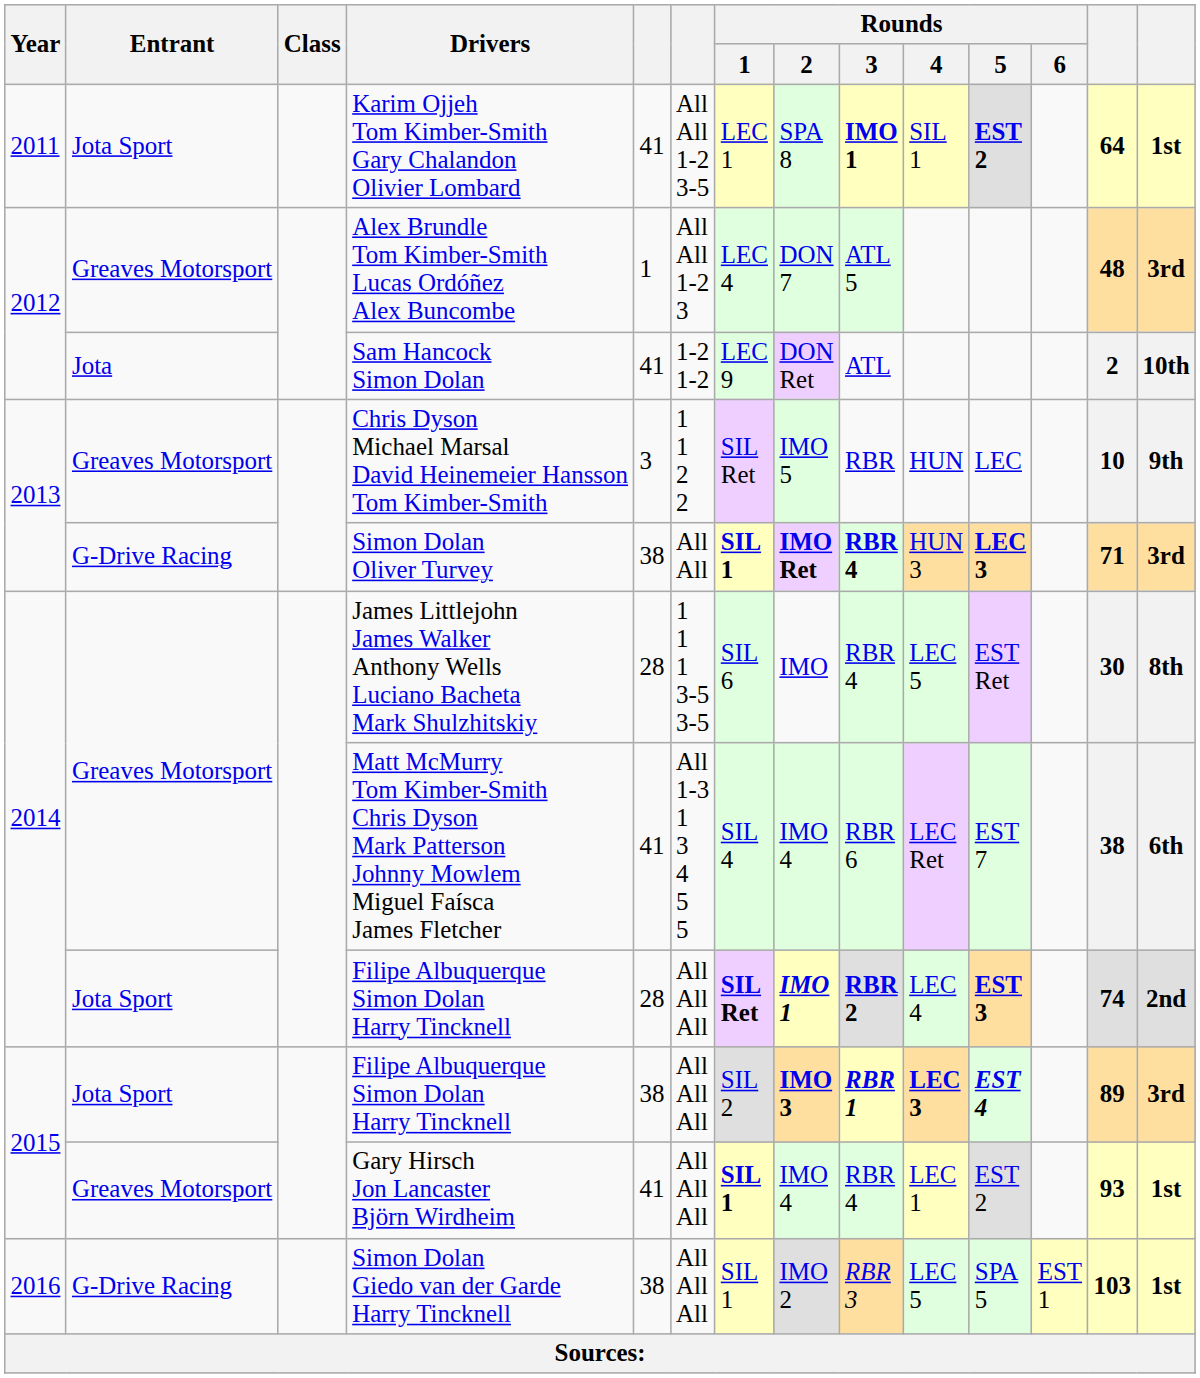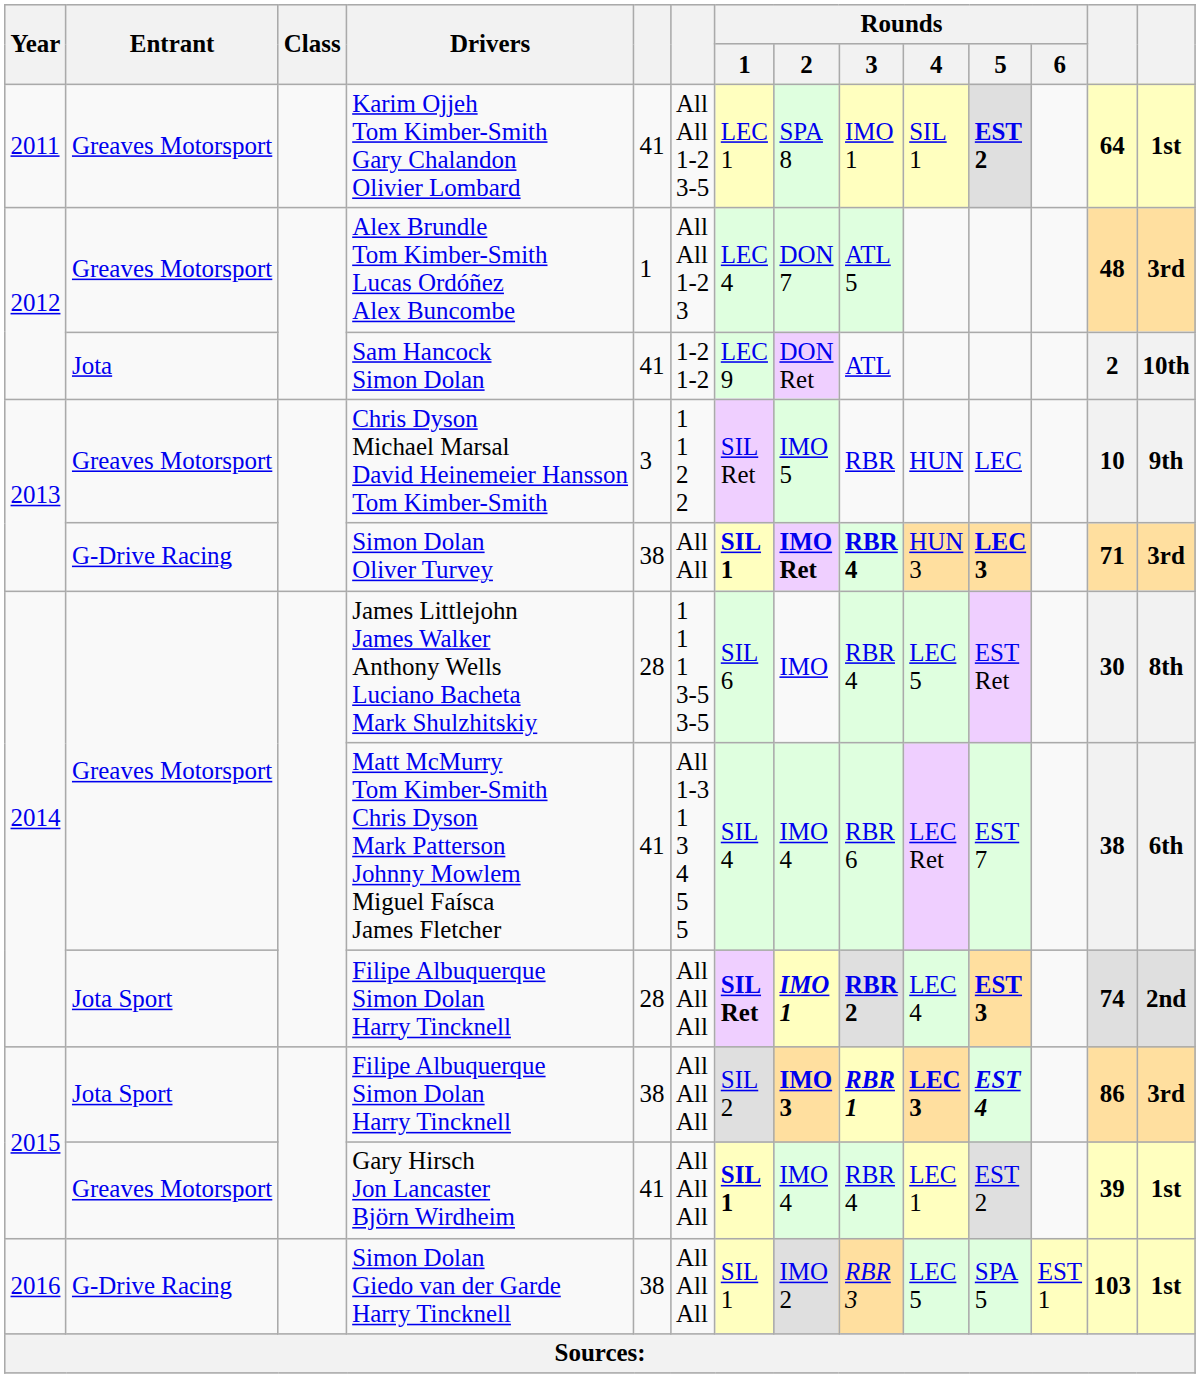 <table class="wikitable">
 <tr>
 <th rowspan="2">Year</th>
 <th rowspan="2">Entrant</th>
 <th rowspan="2">Class</th>
 <th rowspan="2">Drivers</th>
 <th rowspan="2"></th>
 <th rowspan="2"></th>
 <th colspan="6">Rounds</th>
 <th rowspan="2"></th>
 <th rowspan="2"></th>
 </tr>
 <tr>
 <th>1</th>
 <th>2</th>
 <th>3</th>
 <th>4</th>
 <th>5</th>
 <th>6</th>
 </tr>
 <tr>
 <td><a href='#'>2011</a></td>
-<td> <a href='#'>Jota Sport</a></td>
+<td> <a href='#'>Greaves Motorsport</a></td>
 <td></td>
 <td> <a href='#'>Karim Ojjeh</a><br> <a href='#'>Tom Kimber-Smith</a><br> <a href='#'>Gary Chalandon</a><br> <a href='#'>Olivier Lombard</a></td>
 <td>41</td>
 <td>All<br>All<br>1-2<br>3-5</td>
 <td style="background:#FFFFBF;”"><a href='#'>LEC</a><br>1</td>
 <td style="background:#DFFFDF;"><a href='#'>SPA</a><br>8</td>
-<td style="background:#FFFFBF;”"><strong><a href='#'>IMO</a><br>1</strong></td>
+<td style="background:#FFFFBF;”"><a href='#'>IMO</a><br>1</td>
 <td style="background:#FFFFBF;”"><a href='#'>SIL</a><br>1</td>
 <td style="background:#dfdfdf;"><strong><a href='#'>EST</a><br>2</strong></td>
 <td></td>
 <th style="background:#FFFFBF;”">64</th>
 <th style="background:#FFFFBF;”">1st</th>
 </tr>
 <tr>
 <td rowspan="2"><a href='#'>2012</a></td>
 <td> <a href='#'>Greaves Motorsport</a></td>
 <td rowspan="2"></td>
 <td> <a href='#'>Alex Brundle</a><br> <a href='#'>Tom Kimber-Smith</a><br> <a href='#'>Lucas Ordóñez</a><br> <a href='#'>Alex Buncombe</a></td>
 <td>1</td>
 <td>All<br>All<br>1-2<br>3</td>
 <td style="background:#DFFFDF;"><a href='#'>LEC</a><br>4</td>
 <td style="background:#DFFFDF;"><a href='#'>DON</a><br>7</td>
 <td style="background:#DFFFDF;"><a href='#'>ATL</a><br>5</td>
 <td></td>
 <td></td>
 <td></td>
 <th style="background:#FFDF9F;”">48</th>
 <th style="background:#FFDF9F;”">3rd</th>
 </tr>
 <tr>
 <td> <a href='#'>Jota</a></td>
 <td> <a href='#'>Sam Hancock</a><br> <a href='#'>Simon Dolan</a></td>
 <td>41</td>
 <td>1-2<br>1-2</td>
 <td style="background:#DFFFDF;"><a href='#'>LEC</a><br>9</td>
 <td style="background:#EFCFFF;"><a href='#'>DON</a><br>Ret</td>
 <td><a href='#'>ATL</a><br></td>
 <td></td>
 <td></td>
 <td></td>
 <th>2</th>
 <th>10th</th>
 </tr>
 <tr>
 <td rowspan="2"><a href='#'>2013</a></td>
 <td> <a href='#'>Greaves Motorsport</a></td>
 <td rowspan="2"></td>
 <td> <a href='#'>Chris Dyson</a><br> Michael Marsal<br> <a href='#'>David Heinemeier Hansson</a><br> <a href='#'>Tom Kimber-Smith</a></td>
 <td>3</td>
 <td>1<br>1<br>2<br>2</td>
 <td style="background:#EFCFFF;"><a href='#'>SIL</a><br>Ret</td>
 <td style="background:#DFFFDF;"><a href='#'>IMO</a><br>5</td>
 <td><a href='#'>RBR</a><br></td>
 <td><a href='#'>HUN</a><br></td>
 <td><a href='#'>LEC</a><br></td>
 <td></td>
 <th>10</th>
 <th>9th</th>
 </tr>
 <tr>
 <td> <a href='#'>G-Drive Racing</a></td>
 <td> <a href='#'>Simon Dolan</a><br> <a href='#'>Oliver Turvey</a></td>
 <td>38</td>
 <td>All<br>All<br></td>
 <td style="background:#FFFFBF;”"><strong><a href='#'>SIL</a><br>1</strong></td>
 <td style="background:#EFCFFF;"><strong><a href='#'>IMO</a><br>Ret</strong></td>
 <td style="background:#DFFFDF;"><strong><a href='#'>RBR</a><br>4</strong></td>
 <td style="background:#FFDF9F;”"><a href='#'>HUN</a><br>3</td>
 <td style="background:#FFDF9F;”"><strong><a href='#'>LEC</a><br>3</strong></td>
 <td></td>
 <th style="background:#FFDF9F;”">71</th>
 <th style="background:#FFDF9F;”">3rd</th>
 </tr>
 <tr>
 <td rowspan="3"><a href='#'>2014</a></td>
 <td rowspan="2"> <a href='#'>Greaves Motorsport</a></td>
 <td rowspan="3"></td>
 <td> James Littlejohn<br> <a href='#'>James Walker</a><br> Anthony Wells<br> <a href='#'>Luciano Bacheta</a><br> <a href='#'>Mark Shulzhitskiy</a></td>
 <td>28</td>
 <td>1<br>1<br>1<br>3-5<br>3-5</td>
 <td style="background:#DFFFDF;"><a href='#'>SIL</a><br>6</td>
 <td><a href='#'>IMO</a><br></td>
 <td style="background:#DFFFDF;"><a href='#'>RBR</a><br>4</td>
 <td style="background:#DFFFDF;"><a href='#'>LEC</a><br>5</td>
 <td style="background:#EFCFFF;"><a href='#'>EST</a><br>Ret</td>
 <td></td>
 <th>30</th>
 <th>8th</th>
 </tr>
 <tr>
 <td> <a href='#'>Matt McMurry</a><br> <a href='#'>Tom Kimber-Smith</a><br> <a href='#'>Chris Dyson</a><br> <a href='#'>Mark Patterson</a><br> <a href='#'>Johnny Mowlem</a><br> Miguel Faísca<br> James Fletcher</td>
 <td>41</td>
 <td>All<br>1-3<br>1<br>3<br>4<br>5<br>5</td>
 <td style="background:#DFFFDF;"><a href='#'>SIL</a><br>4</td>
 <td style="background:#DFFFDF;"><a href='#'>IMO</a><br>4</td>
 <td style="background:#DFFFDF;"><a href='#'>RBR</a><br>6</td>
 <td style="background:#EFCFFF;"><a href='#'>LEC</a><br>Ret</td>
 <td style="background:#DFFFDF;"><a href='#'>EST</a><br>7</td>
 <td></td>
 <th>38</th>
 <th>6th</th>
 </tr>
 <tr>
 <td> <a href='#'>Jota Sport</a></td>
 <td> <a href='#'>Filipe Albuquerque</a><br> <a href='#'>Simon Dolan</a><br> <a href='#'>Harry Tincknell</a></td>
 <td>28</td>
 <td>All<br>All<br>All</td>
 <td style="background:#EFCFFF;"><strong><a href='#'>SIL</a><br>Ret</strong></td>
 <td style="background:#FFFFBF;”"><strong><em><a href='#'>IMO</a><br>1</em></strong></td>
 <td style="background:#dfdfdf;"><strong><a href='#'>RBR</a><br>2</strong></td>
 <td style="background:#DFFFDF;"><a href='#'>LEC</a><br>4</td>
 <td style="background:#FFDF9F;”"><strong><a href='#'>EST</a><br>3</strong></td>
 <td></td>
 <th style="background:#dfdfdf;">74</th>
 <th style="background:#dfdfdf;">2nd</th>
 </tr>
 <tr>
 <td rowspan="2"><a href='#'>2015</a></td>
 <td> <a href='#'>Jota Sport</a></td>
 <td rowspan="2"></td>
 <td> <a href='#'>Filipe Albuquerque</a><br> <a href='#'>Simon Dolan</a><br> <a href='#'>Harry Tincknell</a></td>
 <td>38</td>
 <td>All<br>All<br>All</td>
 <td style="background:#dfdfdf;"><a href='#'>SIL</a><br>2</td>
 <td style="background:#FFDF9F;"><strong><a href='#'>IMO</a><br>3</strong></td>
 <td style="background:#FFFFBF;”"><strong><em><a href='#'>RBR</a><br>1</em></strong></td>
 <td style="background:#FFDF9F;"><strong><a href='#'>LEC</a><br>3</strong></td>
 <td style="background:#DFFFDF;"><strong><em><a href='#'>EST</a><br>4</em></strong></td>
 <td></td>
-<th style="background:#FFDF9F;”">89</th>
+<th style="background:#FFDF9F;”">86</th>
 <th style="background:#FFDF9F;”">3rd</th>
 </tr>
 <tr>
 <td> <a href='#'>Greaves Motorsport</a></td>
 <td> Gary Hirsch<br> <a href='#'>Jon Lancaster</a><br> <a href='#'>Björn Wirdheim</a></td>
 <td>41</td>
 <td>All<br>All<br>All</td>
 <td style="background:#FFFFBF;”"><strong><a href='#'>SIL</a><br>1</strong></td>
 <td style="background:#DFFFDF;"><a href='#'>IMO</a><br>4</td>
 <td style="background:#DFFFDF;"><a href='#'>RBR</a><br>4</td>
 <td style="background:#FFFFBF;”"><a href='#'>LEC</a><br>1</td>
 <td style="background:#dfdfdf;"><a href='#'>EST</a><br>2</td>
 <td></td>
-<th style="background:#FFFFBF;”">93</th>
+<th style="background:#FFFFBF;”">39</th>
 <th style="background:#FFFFBF;”">1st</th>
 </tr>
 <tr>
 <td><a href='#'>2016</a></td>
 <td> <a href='#'>G-Drive Racing</a></td>
 <td></td>
 <td> <a href='#'>Simon Dolan</a><br> <a href='#'>Giedo van der Garde</a><br> <a href='#'>Harry Tincknell</a></td>
 <td>38</td>
 <td>All<br>All<br>All</td>
 <td style="background:#FFFFBF;”"><a href='#'>SIL</a><br>1</td>
 <td style="background:#dfdfdf;"><a href='#'>IMO</a><br>2</td>
 <td style="background:#FFDF9F;"><em><a href='#'>RBR</a><br>3</em></td>
 <td style="background:#DFFFDF;"><a href='#'>LEC</a><br>5</td>
 <td style="background:#DFFFDF;"><a href='#'>SPA</a><br>5</td>
 <td style="background:#FFFFBF;”"><a href='#'>EST</a><br>1</td>
 <th style="background:#FFFFBF;”">103</th>
 <th style="background:#FFFFBF;”">1st</th>
 </tr>
 <tr>
 <th colspan="14">Sources:</th>
 </tr>
 </table>
